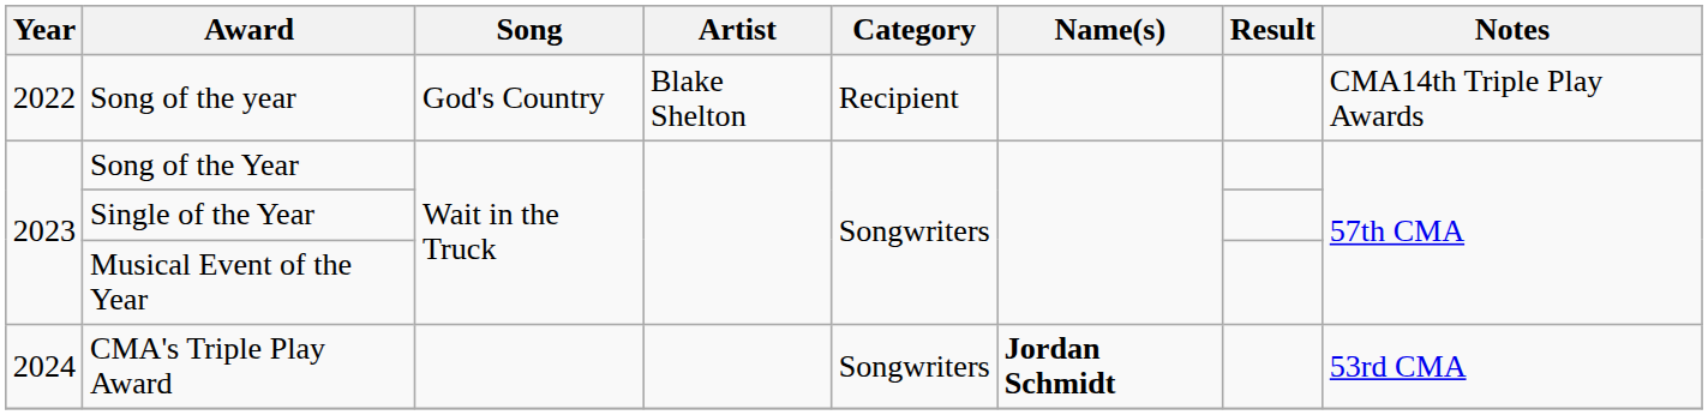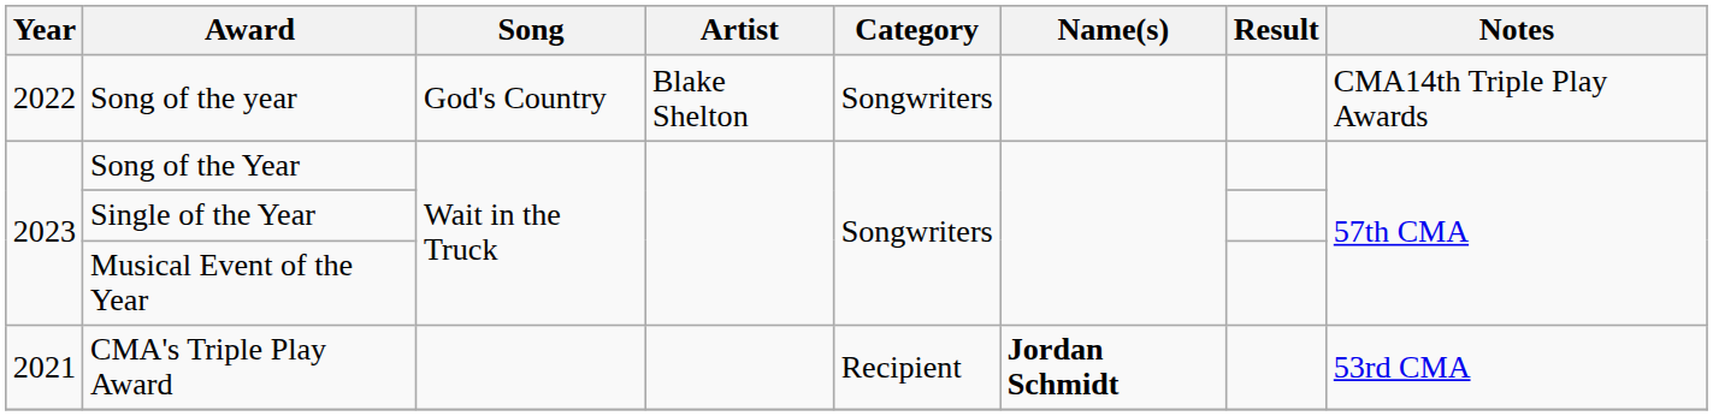 <table class="wikitable">
 <tr>
 <th>Year</th>
 <th>Award</th>
 <th>Song</th>
 <th>Artist</th>
 <th>Category</th>
 <th>Name(s)</th>
 <th>Result</th>
 <th>Notes</th>
 </tr>
 <tr>
 <td>2022</td>
 <td>Song of the year</td>
 <td>God's Country</td>
 <td>Blake Shelton</td>
-<td>Recipient</td>
+<td>Songwriters</td>
 <td></td>
 <td></td>
 <td>CMA14th Triple Play Awards</td>
 </tr>
 <tr>
 <td rowspan="3">2023</td>
 <td>Song of the Year</td>
 <td rowspan="3">Wait in the Truck</td>
 <td rowspan="3"></td>
 <td rowspan="3">Songwriters</td>
 <td rowspan="3"></td>
 <td></td>
 <td rowspan="3"><a href='#'>57th CMA</a></td>
 </tr>
 <tr>
 <td>Single of the Year</td>
 <td></td>
 </tr>
 <tr>
 <td>Musical Event of the Year</td>
 <td></td>
 </tr>
 <tr>
-<td>2024</td>
+<td>2021</td>
 <td>CMA's Triple Play Award</td>
 <td></td>
 <td></td>
-<td>Songwriters</td>
+<td>Recipient</td>
 <td><strong>Jordan Schmidt</strong></td>
 <td></td>
 <td><a href='#'>53rd CMA</a></td>
 </tr>
 <tr>
 </tr>
 </table>
